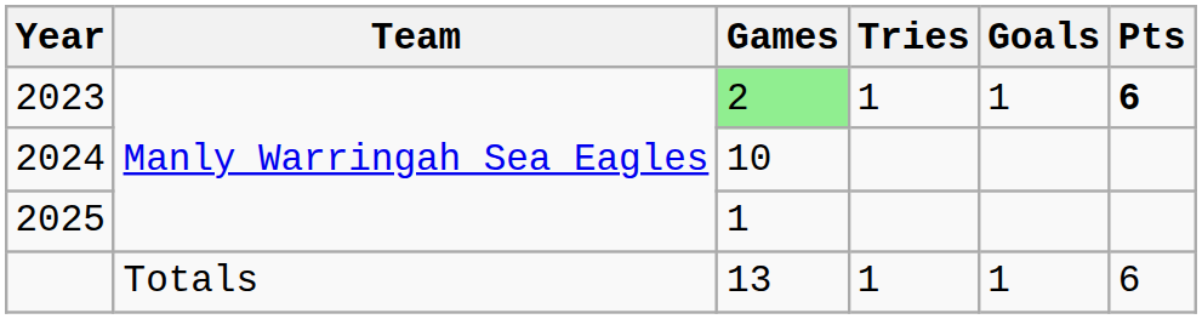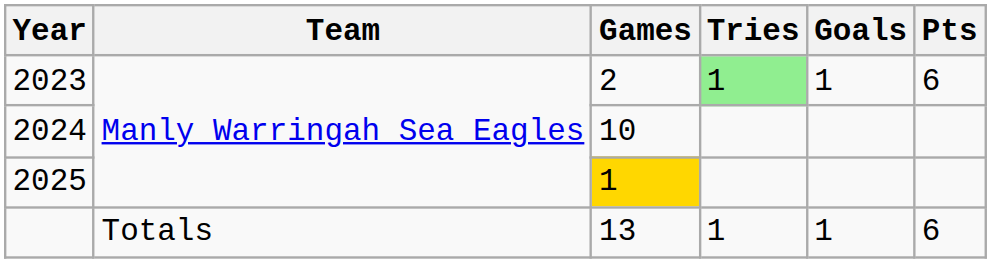 <table class="wikitable">
 <tr>
 <th>Year</th>
 <th>Team</th>
 <th>Games</th>
 <th>Tries</th>
 <th>Goals</th>
 <th>Pts</th>
 </tr>
 <tr>
 <td>2023</td>
 <td rowspan="3"> <a href='#'>Manly Warringah Sea Eagles</a></td>
-<td style="background: lightgreen;">2</td>
+<td>2</td>
+<td style="background: lightgreen;">1</td>
 <td>1</td>
-<td>1</td>
-<td><strong>6</strong></td>
+<td>6</td>
 </tr>
 <tr>
 <td>2024</td>
 <td>10</td>
 <td></td>
 <td></td>
 <td></td>
 </tr>
 <tr>
 <td>2025</td>
-<td>1</td>
+<td style="background: gold;">1</td>
 <td></td>
 <td></td>
 <td></td>
 </tr>
 <tr>
 <td></td>
 <td>Totals</td>
 <td>13</td>
 <td>1</td>
 <td>1</td>
 <td>6</td>
 </tr>
 </table>
